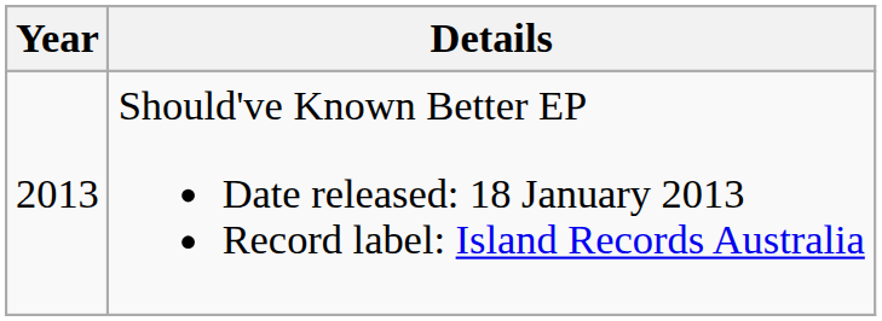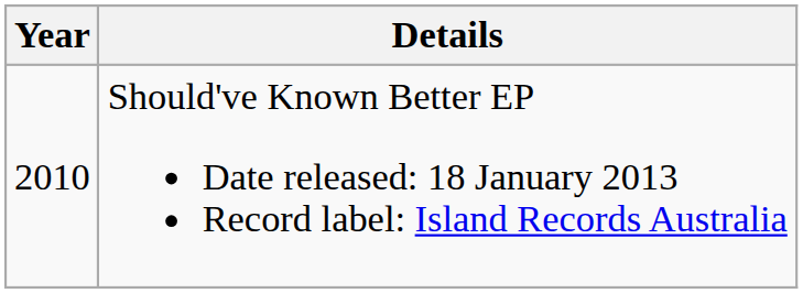 <table class="wikitable">
 <tr>
 <th>Year</th>
 <th>Details</th>
 </tr>
 <tr>
-<td style="text-align:center;">2013</td>
+<td style="text-align:center;">2010</td>
 <td>Should've Known Better EP<br><ul><li>Date released: 18 January 2013</li><li>Record label: <a href='#'>Island Records Australia</a></li></ul></td>
 </tr>
 </table>
